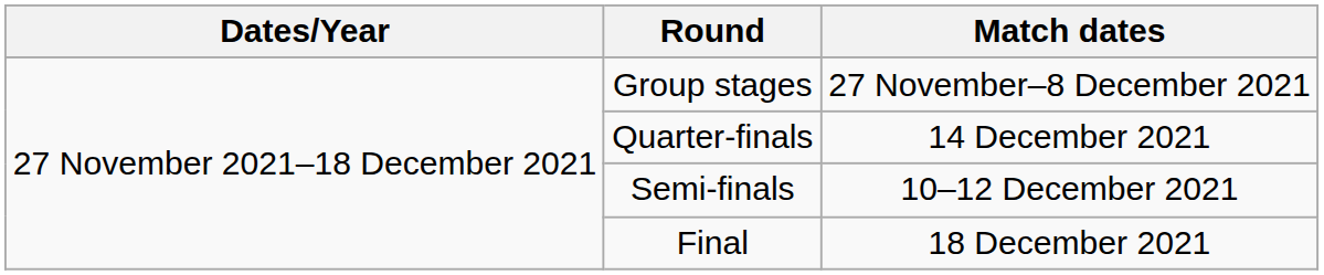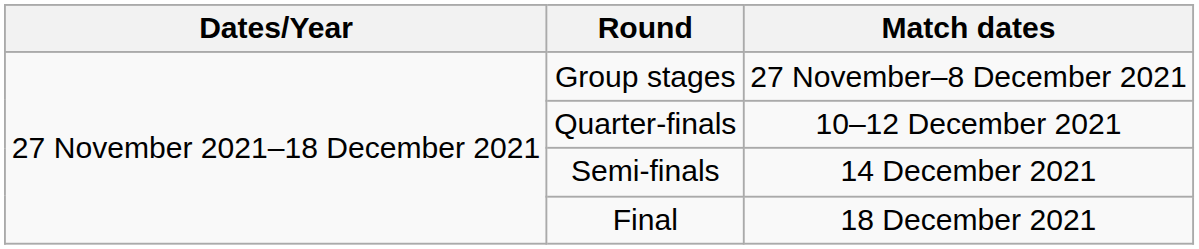 <table class="wikitable" style="text-align:center">
 <tr>
 <th>Dates/Year</th>
 <th>Round</th>
 <th>Match dates</th>
 </tr>
 <tr>
 <td rowspan=4>27 November 2021–18 December 2021</td>
 <td>Group stages</td>
 <td>27 November–8 December 2021</td>
 </tr>
 <tr>
 <td>Quarter-finals</td>
-<td>14 December 2021</td>
+<td>10–12 December 2021</td>
 </tr>
 <tr>
 <td>Semi-finals</td>
-<td>10–12 December 2021</td>
+<td>14 December 2021</td>
 </tr>
 <tr>
 <td>Final</td>
 <td>18 December 2021</td>
 </tr>
 </table>
